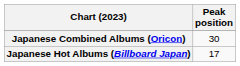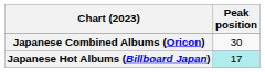 <table class="wikitable sortable plainrowheaders" style="text-align:center">
 <tr>
 <th scope="col">Chart (2023)</th>
 <th scope="col">Peak<br>position</th>
 </tr>
 <tr>
 </tr>
 <tr>
 <th scope="row">Japanese Combined Albums (<a href='#'>Oricon</a>)</th>
 <td>30</td>
 </tr>
 <tr>
 <th scope="row">Japanese Hot Albums (<em><a href='#'>Billboard Japan</a></em>)</th>
-<td>17</td>
+<td style="background: paleturquoise;">17</td>
 </tr>
 </table>
